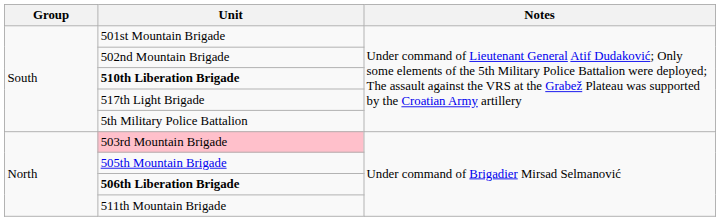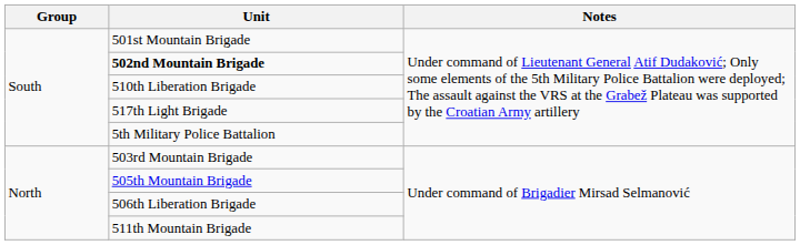 <table class="plainrowheaders wikitable collapsible collapsed"  style="cellspacing=2px; text-align:left; font-size:90%; width:800px;">
 <tr style="font-size:100%; text-align:right;">
 <th style="width:100px;" scope="col">Group</th>
 <th style="width:300px;" scope="col">Unit</th>
 <th style="width:400px;" scope="col">Notes</th>
 </tr>
 <tr>
 <td rowspan=5>South</td>
 <td>501st Mountain Brigade</td>
 <td rowspan=5>Under command of <a href='#'>Lieutenant General</a> <a href='#'>Atif Dudaković</a>; Only some elements of the 5th Military Police Battalion were deployed; The assault against the VRS at the <a href='#'>Grabež</a> Plateau was supported by the <a href='#'>Croatian Army</a> artillery</td>
 </tr>
 <tr>
-<td>502nd Mountain Brigade</td>
+<td><strong>502nd Mountain Brigade</strong></td>
 </tr>
 <tr>
-<td><strong>510th Liberation Brigade</strong></td>
+<td>510th Liberation Brigade</td>
 </tr>
 <tr>
 <td>517th Light Brigade</td>
 </tr>
 <tr>
 <td>5th Military Police Battalion</td>
 </tr>
 <tr>
 <td rowspan=4>North</td>
-<td style="background: pink;">503rd Mountain Brigade</td>
+<td>503rd Mountain Brigade</td>
 <td rowspan=4>Under command of <a href='#'>Brigadier</a> Mirsad Selmanović</td>
 </tr>
 <tr>
 <td><a href='#'>505th Mountain Brigade</a></td>
 </tr>
 <tr>
-<td><strong>506th Liberation Brigade</strong></td>
+<td>506th Liberation Brigade</td>
 </tr>
 <tr>
 <td>511th Mountain Brigade</td>
 </tr>
 </table>
